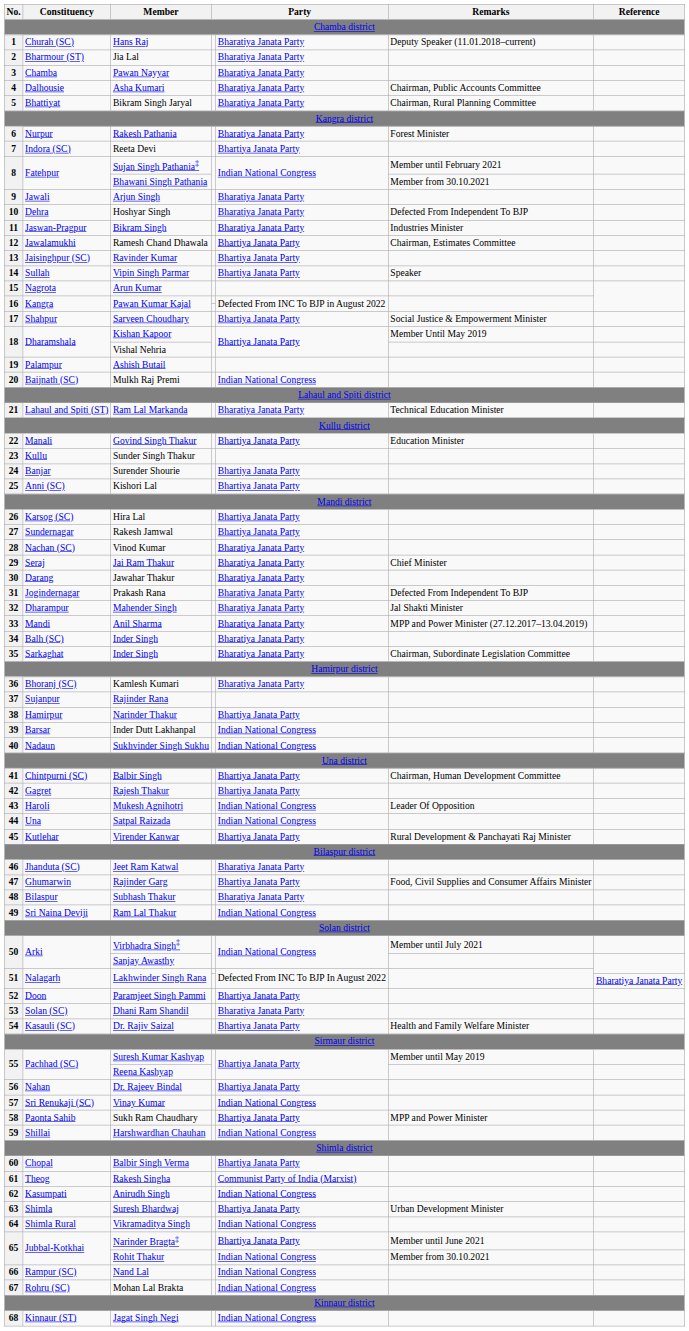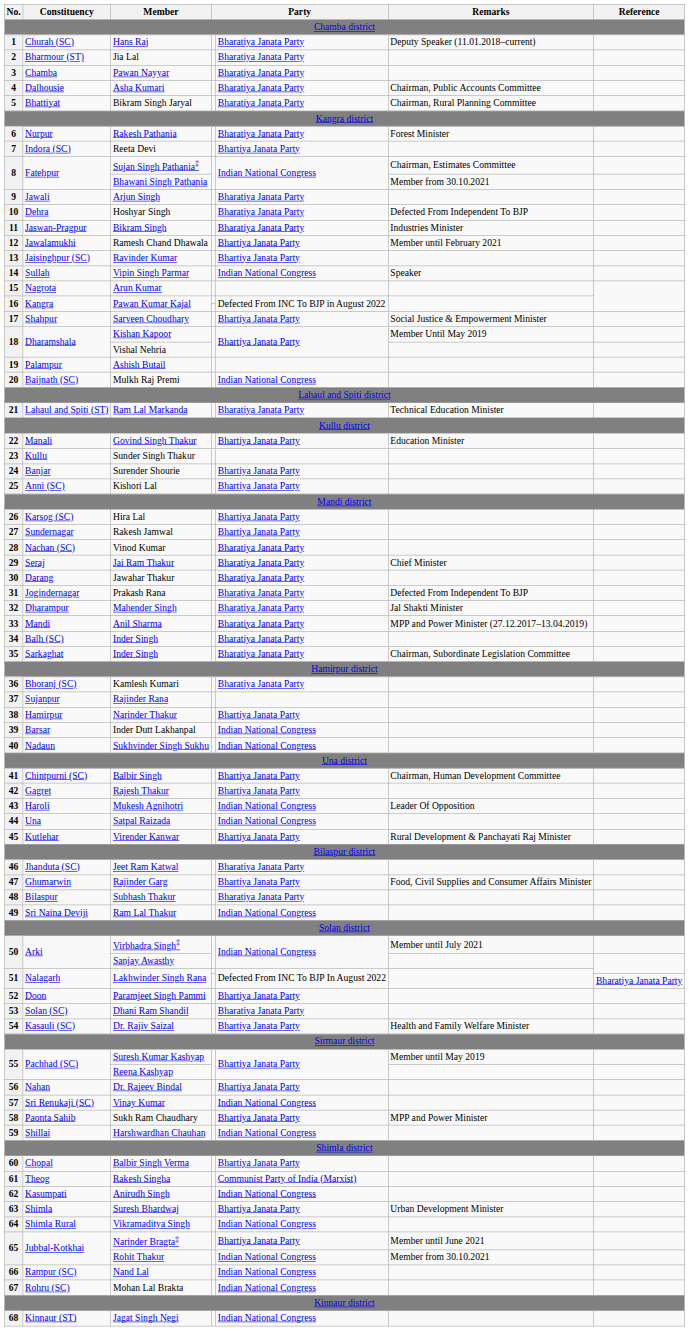 <table class="wikitable sortable">
 <tr>
 <th>No.</th>
 <th>Constituency</th>
 <th>Member</th>
 <th colspan="2">Party</th>
 <th>Remarks</th>
 <th>Reference  </th>
 </tr>
 <tr>
 <td colspan="7" bgcolor="grey" align="center"><a href='#'><span>Chamba district</span></a> </td>
 </tr>
 <tr>
 <th>1</th>
 <td><a href='#'>Churah (SC)</a></td>
 <td><a href='#'>Hans Raj</a></td>
 <td></td>
 <td><a href='#'>Bharatiya Janata Party</a></td>
 <td>Deputy Speaker (11.01.2018–current)</td>
 <td></td>
 </tr>
 <tr>
 <th>2</th>
 <td><a href='#'>Bharmour (ST)</a></td>
 <td>Jia Lal</td>
 <td></td>
 <td><a href='#'>Bharatiya Janata Party</a></td>
 <td></td>
 <td></td>
 </tr>
 <tr>
 <th>3</th>
 <td><a href='#'>Chamba</a></td>
 <td><a href='#'>Pawan Nayyar</a></td>
 <td></td>
 <td><a href='#'>Bharatiya Janata Party</a></td>
 <td></td>
 <td></td>
 </tr>
 <tr>
 <th>4</th>
 <td><a href='#'>Dalhousie</a></td>
 <td><a href='#'>Asha Kumari</a></td>
 <td></td>
 <td><a href='#'>Bharatiya Janata Party</a></td>
 <td>Chairman, Public Accounts Committee</td>
 <td></td>
 </tr>
 <tr>
 <th>5</th>
 <td><a href='#'>Bhattiyat</a></td>
 <td>Bikram Singh Jaryal</td>
 <td></td>
 <td><a href='#'>Bharatiya Janata Party</a></td>
 <td>Chairman, Rural Planning Committee</td>
 <td><br></td>
 </tr>
 <tr>
 <td colspan="7" bgcolor="grey" align="center"><a href='#'><span>Kangra district</span></a> </td>
 </tr>
 <tr>
 <th>6</th>
 <td><a href='#'>Nurpur</a></td>
 <td><a href='#'>Rakesh Pathania</a></td>
 <td></td>
 <td><a href='#'>Bharatiya Janata Party</a></td>
 <td>Forest Minister</td>
 <td></td>
 </tr>
 <tr>
 <th>7</th>
 <td><a href='#'>Indora (SC)</a></td>
 <td>Reeta Devi</td>
 <td></td>
 <td><a href='#'>Bhartiya Janata Party</a></td>
 <td></td>
 <td></td>
 </tr>
 <tr>
 <th rowspan="2">8</th>
 <td rowspan="2"><a href='#'>Fatehpur</a></td>
 <td><a href='#'>Sujan Singh Pathania<sup>‡</sup></a></td>
 <td rowspan="2"></td>
 <td rowspan="2"><a href='#'>Indian National Congress</a></td>
-<td>Member until February 2021</td>
+<td>Chairman, Estimates Committee</td>
 <td></td>
 </tr>
 <tr>
 <td><a href='#'>Bhawani Singh Pathania</a></td>
 <td>Member from 30.10.2021</td>
 <td></td>
 </tr>
 <tr>
 <th>9</th>
 <td><a href='#'>Jawali</a></td>
 <td><a href='#'>Arjun Singh</a></td>
 <td></td>
 <td><a href='#'>Bharatiya Janata Party</a></td>
 <td></td>
 <td></td>
 </tr>
 <tr>
 <th>10</th>
 <td><a href='#'>Dehra</a></td>
 <td>Hoshyar Singh</td>
 <td></td>
 <td><a href='#'>Bharatiya Janata Party</a></td>
 <td>Defected From Independent To BJP</td>
 <td></td>
 </tr>
 <tr>
 <th>11</th>
 <td><a href='#'>Jaswan-Pragpur</a></td>
 <td><a href='#'>Bikram Singh</a></td>
 <td></td>
 <td><a href='#'>Bharatiya Janata Party</a></td>
 <td>Industries Minister</td>
 <td></td>
 </tr>
 <tr>
 <th>12</th>
 <td><a href='#'>Jawalamukhi</a></td>
 <td>Ramesh Chand Dhawala</td>
 <td></td>
 <td><a href='#'>Bhartiya Janata Party</a></td>
-<td>Chairman, Estimates Committee</td>
+<td>Member until February 2021</td>
 <td></td>
 </tr>
 <tr>
 <th>13</th>
 <td><a href='#'>Jaisinghpur (SC)</a></td>
 <td><a href='#'>Ravinder Kumar</a></td>
 <td></td>
 <td><a href='#'>Bhartiya Janata Party</a></td>
 <td></td>
 <td></td>
 </tr>
 <tr>
 <th>14</th>
 <td><a href='#'>Sullah</a></td>
 <td><a href='#'>Vipin Singh Parmar</a></td>
 <td></td>
-<td><a href='#'>Bhartiya Janata Party</a></td>
+<td><a href='#'>Indian National Congress</a></td>
 <td>Speaker</td>
 <td></td>
 </tr>
 <tr>
 <th>15</th>
 <td><a href='#'>Nagrota</a></td>
 <td><a href='#'>Arun Kumar</a></td>
 <td></td>
 <td></td>
 <td></td>
 </tr>
 <tr>
 <th rowspan="2">16</th>
 <td rowspan="2"><a href='#'>Kangra</a></td>
 <td rowspan="2"><a href='#'>Pawan Kumar Kajal</a></td>
 <td></td>
 <td rowspan="2">Defected From INC To BJP in August 2022</td>
 <td rowspan="2"></td>
 </tr>
 <tr>
 <td></td>
 </tr>
 <tr>
 <th>17</th>
 <td><a href='#'>Shahpur</a></td>
 <td><a href='#'>Sarveen Choudhary</a></td>
 <td></td>
 <td><a href='#'>Bhartiya Janata Party</a></td>
 <td>Social Justice & Empowerment Minister</td>
 <td></td>
 </tr>
 <tr>
 <th rowspan="2">18</th>
 <td rowspan="2"><a href='#'>Dharamshala</a></td>
 <td><a href='#'>Kishan Kapoor</a></td>
 <td rowspan="2"></td>
 <td rowspan="2"><a href='#'>Bhartiya Janata Party</a></td>
 <td>Member Until May 2019</td>
 <td></td>
 </tr>
 <tr>
 <td>Vishal Nehria</td>
 <td></td>
 <td></td>
 </tr>
 <tr>
 <th>19</th>
 <td><a href='#'>Palampur</a></td>
 <td><a href='#'>Ashish Butail</a></td>
 <td></td>
 <td></td>
 <td></td>
 </tr>
 <tr>
 <th>20</th>
 <td><a href='#'>Baijnath (SC)</a></td>
 <td>Mulkh Raj Premi</td>
 <td></td>
 <td><a href='#'>Indian National Congress</a></td>
 <td></td>
 <td></td>
 </tr>
 <tr>
 <td colspan="7" bgcolor="grey" align="center"><a href='#'><span>Lahaul and Spiti district</span></a> </td>
 </tr>
 <tr>
 <th>21</th>
 <td><a href='#'>Lahaul and Spiti (ST)</a></td>
 <td><a href='#'>Ram Lal Markanda</a></td>
 <td></td>
 <td><a href='#'>Bharatiya Janata Party</a></td>
 <td>Technical Education Minister</td>
 <td></td>
 </tr>
 <tr>
 <td colspan="7" bgcolor="grey" align="center"><a href='#'><span>Kullu district</span></a> </td>
 </tr>
 <tr>
 <th>22</th>
 <td><a href='#'>Manali</a></td>
 <td><a href='#'>Govind Singh Thakur</a></td>
 <td></td>
 <td><a href='#'>Bhartiya Janata Party</a></td>
 <td>Education Minister</td>
 <td></td>
 </tr>
 <tr>
 <th>23</th>
 <td><a href='#'>Kullu</a></td>
 <td>Sunder Singh Thakur</td>
 <td></td>
 <td></td>
 <td></td>
 </tr>
 <tr>
 <th>24</th>
 <td><a href='#'>Banjar</a></td>
 <td>Surender Shourie</td>
 <td></td>
 <td><a href='#'>Bhartiya Janata Party</a></td>
 <td></td>
 <td></td>
 </tr>
 <tr>
 <th>25</th>
 <td><a href='#'>Anni (SC)</a></td>
 <td>Kishori Lal</td>
 <td></td>
 <td><a href='#'>Bhartiya Janata Party</a></td>
 <td></td>
 <td></td>
 </tr>
 <tr>
 <td colspan="7" bgcolor="grey" align="center"><a href='#'><span>Mandi district</span></a> </td>
 </tr>
 <tr>
 <th>26</th>
 <td><a href='#'>Karsog (SC)</a></td>
 <td>Hira Lal</td>
 <td></td>
 <td><a href='#'>Bhartiya Janata Party</a></td>
 <td></td>
 <td></td>
 </tr>
 <tr>
 <th>27</th>
 <td><a href='#'>Sundernagar</a></td>
 <td>Rakesh Jamwal</td>
 <td></td>
 <td><a href='#'>Bhartiya Janata Party</a></td>
 <td></td>
 <td></td>
 </tr>
 <tr>
 <th>28</th>
 <td><a href='#'>Nachan (SC)</a></td>
 <td>Vinod Kumar</td>
 <td></td>
 <td><a href='#'>Bharatiya Janata Party</a></td>
 <td></td>
 <td></td>
 </tr>
 <tr>
 <th>29</th>
 <td><a href='#'>Seraj</a></td>
 <td><a href='#'>Jai Ram Thakur</a></td>
 <td></td>
 <td><a href='#'>Bharatiya Janata Party</a></td>
 <td>Chief Minister</td>
 <td></td>
 </tr>
 <tr>
 <th>30</th>
 <td><a href='#'>Darang</a></td>
 <td>Jawahar Thakur</td>
 <td></td>
 <td><a href='#'>Bharatiya Janata Party</a></td>
 <td></td>
 <td></td>
 </tr>
 <tr>
 <th>31</th>
 <td><a href='#'>Jogindernagar</a></td>
 <td>Prakash Rana</td>
 <td></td>
 <td><a href='#'>Bharatiya Janata Party</a></td>
 <td>Defected From Independent To BJP</td>
 <td></td>
 </tr>
 <tr>
 <th>32</th>
 <td><a href='#'>Dharampur</a></td>
 <td><a href='#'>Mahender Singh</a></td>
 <td></td>
 <td><a href='#'>Bharatiya Janata Party</a></td>
 <td>Jal Shakti Minister</td>
 <td></td>
 </tr>
 <tr>
 <th>33</th>
 <td><a href='#'>Mandi</a></td>
 <td><a href='#'>Anil Sharma</a></td>
 <td></td>
 <td><a href='#'>Bharatiya Janata Party</a></td>
 <td>MPP and Power Minister (27.12.2017–13.04.2019)</td>
 <td></td>
 </tr>
 <tr>
 <th>34</th>
 <td><a href='#'>Balh (SC)</a></td>
 <td><a href='#'>Inder Singh</a></td>
 <td></td>
 <td><a href='#'>Bharatiya Janata Party</a></td>
 <td></td>
 <td></td>
 </tr>
 <tr>
 <th>35</th>
 <td><a href='#'>Sarkaghat</a></td>
 <td><a href='#'>Inder Singh</a></td>
 <td></td>
 <td><a href='#'>Bharatiya Janata Party</a></td>
 <td>Chairman,  Subordinate Legislation Committee</td>
 <td><br></td>
 </tr>
 <tr>
 <td colspan="7" bgcolor="grey" align="center"><a href='#'><span>Hamirpur district</span></a> </td>
 </tr>
 <tr>
 <th>36</th>
 <td><a href='#'>Bhoranj (SC)</a></td>
 <td>Kamlesh Kumari</td>
 <td></td>
 <td><a href='#'>Bharatiya Janata Party</a></td>
 <td></td>
 <td></td>
 </tr>
 <tr>
 <th>37</th>
 <td><a href='#'>Sujanpur</a></td>
 <td><a href='#'>Rajinder Rana</a></td>
 <td></td>
 <td></td>
 <td></td>
 </tr>
 <tr>
 <th>38</th>
 <td><a href='#'>Hamirpur</a></td>
 <td><a href='#'>Narinder Thakur</a></td>
 <td></td>
 <td><a href='#'>Bhartiya Janata Party</a></td>
 <td></td>
 <td></td>
 </tr>
 <tr>
 <th>39</th>
 <td><a href='#'>Barsar</a></td>
 <td>Inder Dutt Lakhanpal</td>
 <td></td>
 <td><a href='#'>Indian National Congress</a></td>
 <td></td>
 <td></td>
 </tr>
 <tr>
 <th>40</th>
 <td><a href='#'>Nadaun</a></td>
 <td><a href='#'>Sukhvinder Singh Sukhu</a></td>
 <td></td>
 <td><a href='#'>Indian National Congress</a></td>
 <td></td>
 <td></td>
 </tr>
 <tr>
 <td colspan="7" bgcolor="grey" align="center"><a href='#'><span>Una district</span></a> </td>
 </tr>
 <tr>
 <th>41</th>
 <td><a href='#'>Chintpurni (SC)</a></td>
 <td><a href='#'>Balbir Singh</a></td>
 <td></td>
 <td><a href='#'>Bhartiya Janata Party</a></td>
 <td>Chairman, Human Development Committee</td>
 <td></td>
 </tr>
 <tr>
 <th>42</th>
 <td><a href='#'>Gagret</a></td>
 <td><a href='#'>Rajesh Thakur</a></td>
 <td></td>
 <td><a href='#'>Bhartiya Janata Party</a></td>
 <td></td>
 <td></td>
 </tr>
 <tr>
 <th>43</th>
 <td><a href='#'>Haroli</a></td>
 <td><a href='#'>Mukesh Agnihotri</a></td>
 <td></td>
 <td><a href='#'>Indian National Congress</a></td>
 <td>Leader Of Opposition</td>
 <td></td>
 </tr>
 <tr>
 <th>44</th>
 <td><a href='#'>Una</a></td>
 <td><a href='#'>Satpal Raizada</a></td>
 <td></td>
 <td><a href='#'>Indian National Congress</a></td>
 <td></td>
 <td></td>
 </tr>
 <tr>
 <th>45</th>
 <td><a href='#'>Kutlehar</a></td>
 <td><a href='#'>Virender Kanwar</a></td>
 <td></td>
 <td><a href='#'>Bhartiya Janata Party</a></td>
 <td>Rural Development & Panchayati Raj Minister<br></td>
 </tr>
 <tr>
 <td colspan="7" bgcolor="grey" align="center"><a href='#'><span>Bilaspur district</span></a> </td>
 </tr>
 <tr>
 <th>46</th>
 <td><a href='#'>Jhanduta (SC)</a></td>
 <td><a href='#'>Jeet Ram Katwal</a></td>
 <td></td>
 <td><a href='#'>Bharatiya Janata Party</a></td>
 <td></td>
 <td></td>
 </tr>
 <tr>
 <th>47</th>
 <td><a href='#'>Ghumarwin</a></td>
 <td><a href='#'>Rajinder Garg</a></td>
 <td></td>
 <td><a href='#'>Bhartiya Janata Party</a></td>
 <td>Food, Civil Supplies and Consumer Affairs Minister</td>
 </tr>
 <tr>
 <th>48</th>
 <td><a href='#'>Bilaspur</a></td>
 <td><a href='#'>Subhash Thakur</a></td>
 <td></td>
 <td><a href='#'>Bharatiya Janata Party</a></td>
 <td></td>
 <td></td>
 </tr>
 <tr>
 <th>49</th>
 <td><a href='#'>Sri Naina Deviji</a></td>
 <td><a href='#'>Ram Lal Thakur</a></td>
 <td></td>
 <td><a href='#'>Indian National Congress</a></td>
 <td></td>
 <td></td>
 </tr>
 <tr>
 <td colspan="7" bgcolor="grey" align="center"><a href='#'><span>Solan district</span></a> </td>
 </tr>
 <tr>
 <th rowspan="2">50</th>
 <td rowspan="2"><a href='#'>Arki</a></td>
 <td><a href='#'>Virbhadra Singh<sup>‡</sup></a></td>
 <td rowspan="2"></td>
 <td rowspan="2"><a href='#'>Indian National Congress</a></td>
 <td>Member until July 2021</td>
 <td></td>
 </tr>
 <tr>
 <td><a href='#'>Sanjay Awasthy</a></td>
 <td></td>
 </tr>
 <tr>
 <th rowspan="2">51</th>
 <td rowspan="2"><a href='#'>Nalagarh</a></td>
 <td rowspan="2"><a href='#'>Lakhwinder Singh Rana</a></td>
 <td></td>
 <td rowspan="2">Defected From INC To BJP In August 2022</td>
 <td rowspan="2"></td>
 </tr>
 <tr>
 <td></td>
 <td><a href='#'>Bharatiya Janata Party</a></td>
 </tr>
 <tr>
 <th>52</th>
 <td><a href='#'>Doon</a></td>
 <td><a href='#'>Paramjeet Singh Pammi</a></td>
 <td></td>
 <td><a href='#'>Bhartiya Janata Party</a></td>
 <td></td>
 <td></td>
 </tr>
 <tr>
 <th>53</th>
 <td><a href='#'>Solan (SC)</a></td>
 <td><a href='#'>Dhani Ram Shandil</a></td>
 <td></td>
 <td><a href='#'>Bharatiya Janata Party</a></td>
 <td></td>
 <td></td>
 </tr>
 <tr>
 <th>54</th>
 <td><a href='#'>Kasauli (SC)</a></td>
 <td><a href='#'>Dr. Rajiv Saizal</a></td>
 <td></td>
 <td><a href='#'>Bhartiya Janata Party</a></td>
 <td>Health and Family Welfare Minister<br></td>
 </tr>
 <tr>
 <td colspan="7" bgcolor="grey" align="center"><a href='#'><span>Sirmaur district</span></a> </td>
 </tr>
 <tr>
 <th rowspan="2">55</th>
 <td rowspan="2"><a href='#'>Pachhad (SC)</a></td>
 <td><a href='#'>Suresh Kumar Kashyap</a></td>
 <td rowspan="2"></td>
 <td rowspan="2"><a href='#'>Bhartiya Janata Party</a></td>
 <td>Member until May 2019</td>
 <td></td>
 </tr>
 <tr>
 <td><a href='#'>Reena Kashyap</a></td>
 <td></td>
 <td></td>
 </tr>
 <tr>
 <th>56</th>
 <td><a href='#'>Nahan</a></td>
 <td><a href='#'>Dr. Rajeev Bindal</a></td>
 <td></td>
 <td><a href='#'>Bhartiya Janata Party</a></td>
 <td></td>
 <td></td>
 </tr>
 <tr>
 <th>57</th>
 <td><a href='#'>Sri Renukaji (SC)</a></td>
 <td><a href='#'>Vinay Kumar</a></td>
 <td></td>
 <td><a href='#'>Indian National Congress</a></td>
 <td></td>
 <td></td>
 </tr>
 <tr>
 <th>58</th>
 <td><a href='#'>Paonta Sahib</a></td>
 <td>Sukh Ram Chaudhary</td>
 <td></td>
 <td><a href='#'>Bhartiya Janata Party</a></td>
 <td>MPP and Power Minister</td>
 <td></td>
 </tr>
 <tr>
 <th>59</th>
 <td><a href='#'>Shillai</a></td>
 <td><a href='#'>Harshwardhan Chauhan</a></td>
 <td></td>
 <td><a href='#'>Indian National Congress</a></td>
 <td></td>
 <td></td>
 </tr>
 <tr>
 <td colspan="7" bgcolor="grey" align="center"><a href='#'><span>Shimla district</span></a> </td>
 </tr>
 <tr>
 <th>60</th>
 <td><a href='#'>Chopal</a></td>
 <td><a href='#'>Balbir Singh Verma</a></td>
 <td></td>
 <td><a href='#'>Bhartiya Janata Party</a></td>
 <td></td>
 <td></td>
 </tr>
 <tr>
 <th>61</th>
 <td><a href='#'>Theog</a></td>
 <td><a href='#'>Rakesh Singha</a></td>
 <td></td>
 <td><a href='#'>Communist Party of India (Marxist)</a></td>
 <td></td>
 <td></td>
 </tr>
 <tr>
 <th>62</th>
 <td><a href='#'>Kasumpati</a></td>
 <td><a href='#'> Anirudh Singh</a></td>
 <td></td>
 <td><a href='#'>Indian National Congress</a></td>
 <td></td>
 <td></td>
 </tr>
 <tr>
 <th>63</th>
 <td><a href='#'>Shimla</a></td>
 <td><a href='#'>Suresh Bhardwaj</a></td>
 <td></td>
 <td><a href='#'>Bhartiya Janata Party</a></td>
 <td>Urban Development Minister</td>
 <td></td>
 </tr>
 <tr>
 <th>64</th>
 <td><a href='#'>Shimla Rural</a></td>
 <td><a href='#'>Vikramaditya Singh</a></td>
 <td></td>
 <td><a href='#'>Indian National Congress</a></td>
 <td></td>
 <td></td>
 </tr>
 <tr>
 <th rowspan="2">65</th>
 <td rowspan="2"><a href='#'>Jubbal-Kotkhai</a></td>
 <td><a href='#'>Narinder Bragta<sup>‡</sup></a></td>
 <td></td>
 <td><a href='#'>Bhartiya Janata Party</a></td>
 <td>Member until June 2021</td>
 <td></td>
 </tr>
 <tr>
 <td><a href='#'>Rohit Thakur</a></td>
 <td></td>
 <td><a href='#'>Indian National Congress</a></td>
 <td>Member from 30.10.2021</td>
 <td></td>
 </tr>
 <tr>
 <th>66</th>
 <td><a href='#'>Rampur (SC)</a></td>
 <td><a href='#'>Nand Lal</a></td>
 <td></td>
 <td><a href='#'>Indian National Congress</a></td>
 <td></td>
 <td></td>
 </tr>
 <tr>
 <th>67</th>
 <td><a href='#'>Rohru (SC)</a></td>
 <td>Mohan Lal Brakta</td>
 <td></td>
 <td><a href='#'>Indian National Congress</a></td>
 <td></td>
 <td></td>
 </tr>
 <tr>
 <td colspan="7" bgcolor="grey" align="center"><a href='#'><span>Kinnaur district</span></a> </td>
 </tr>
 <tr>
 <th>68</th>
 <td><a href='#'>Kinnaur (ST)</a></td>
 <td><a href='#'>Jagat Singh Negi</a></td>
 <td></td>
 <td><a href='#'>Indian National Congress</a></td>
 <td></td>
 <td></td>
 </tr>
 </table>
